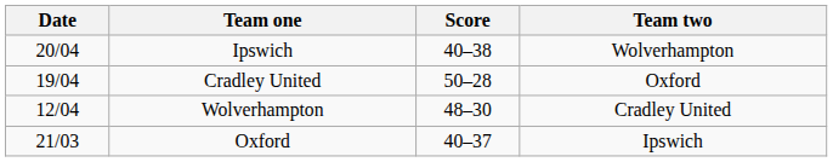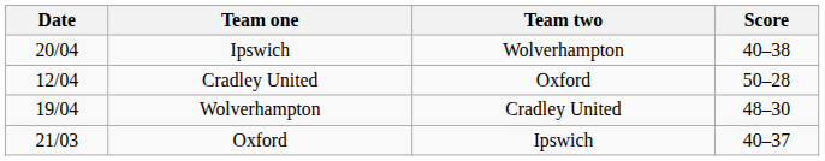 <table class="wikitable" style="text-align: center">
 <tr>
 <th width=80>Date</th>
 <th width=250>Team one</th>
+<th width=250>Team two</th>
 <th width=80>Score</th>
-<th width=250>Team two</th>
 </tr>
 <tr>
 <td>20/04</td>
 <td>Ipswich</td>
+<td>Wolverhampton</td>
 <td>40–38</td>
-<td>Wolverhampton</td>
+</tr>
+<tr>
+<td>12/04</td>
+<td>Cradley United</td>
+<td>Oxford</td>
+<td>50–28</td>
 </tr>
 <tr>
 <td>19/04</td>
+<td>Wolverhampton</td>
 <td>Cradley United</td>
-<td>50–28</td>
-<td>Oxford</td>
-</tr>
-<tr>
-<td>12/04</td>
-<td>Wolverhampton</td>
 <td>48–30</td>
-<td>Cradley United</td>
 </tr>
 <tr>
 <td>21/03</td>
 <td>Oxford</td>
+<td>Ipswich</td>
 <td>40–37</td>
-<td>Ipswich</td>
 </tr>
 </table>
